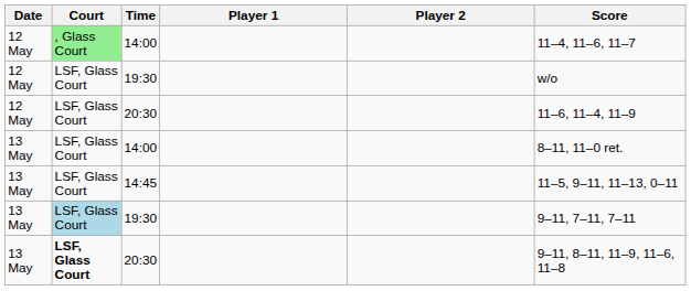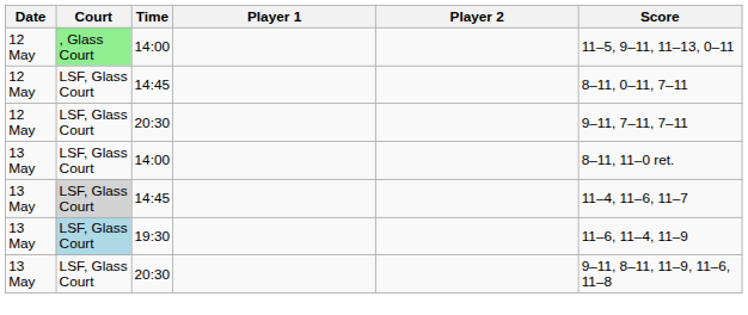 <table class="sortable wikitable" style="font-size:90%">
 <tr>
 <th width="45" class="unsortable">Date</th>
 <th width="70">Court</th>
 <th width="30">Time</th>
 <th width="200">Player 1</th>
 <th width="200">Player 2</th>
 <th width="160" class="unsortable">Score</th>
 </tr>
 <tr>
 <td>12 May</td>
 <td style="background: lightgreen;">, Glass Court</td>
 <td>14:00</td>
 <td></td>
 <td><strong></strong></td>
-<td>11–4, 11–6, 11–7</td>
+<td>11–5, 9–11, 11–13, 0–11</td>
 </tr>
 <tr>
 <td>12 May</td>
-<td>LSF, Glass  Court</td>
-<td>19:30</td>
+<td>LSF, Glass Court</td>
+<td>14:45</td>
+<td></td>
 <td><strong></strong></td>
-<td></td>
-<td>w/o</td>
+<td>8–11, 0–11, 7–11</td>
 </tr>
 <tr>
 <td>12 May</td>
 <td>LSF, Glass Court</td>
 <td>20:30</td>
 <td></td>
 <td><strong></strong></td>
-<td>11–6, 11–4, 11–9</td>
+<td>9–11, 7–11, 7–11</td>
 </tr>
 <tr>
 <td>13 May</td>
 <td>LSF, Glass Court</td>
 <td>14:00</td>
 <td><strong></strong></td>
 <td></td>
 <td>8–11, 11–0 ret.</td>
 </tr>
 <tr>
 <td>13 May</td>
-<td>LSF, Glass Court</td>
+<td style="background: lightgrey;">LSF, Glass Court</td>
 <td>14:45</td>
 <td><strong></strong></td>
 <td></td>
-<td>11–5, 9–11, 11–13, 0–11</td>
+<td>11–4, 11–6, 11–7</td>
 </tr>
 <tr>
 <td>13 May</td>
 <td style="background: lightblue;">LSF, Glass  Court</td>
 <td>19:30</td>
 <td><strong></strong></td>
 <td></td>
-<td>9–11, 7–11, 7–11</td>
+<td>11–6, 11–4, 11–9</td>
 </tr>
 <tr>
 <td>13 May</td>
-<td><strong>LSF, Glass Court</strong></td>
+<td>LSF, Glass Court</td>
 <td>20:30</td>
 <td><strong></strong></td>
 <td></td>
 <td>9–11, 8–11, 11–9, 11–6, 11–8</td>
 </tr>
 </table>
